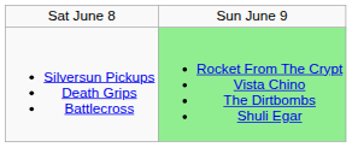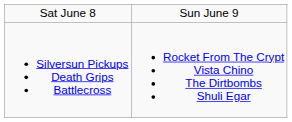 <table class="wikitable plainrowheaders" style="text-align:center;" border="1">
 <tr>
 <td>Sat June 8</td>
 <td>Sun June 9</td>
 </tr>
 <tr>
 <td><br><ul><li><a href='#'>Silversun Pickups</a></li><li><a href='#'>Death Grips</a></li><li><a href='#'>Battlecross</a></li></ul></td>
-<td style="background: lightgreen;"><br><ul><li><a href='#'>Rocket From The Crypt</a></li><li><a href='#'>Vista Chino</a></li><li><a href='#'>The Dirtbombs</a></li><li><a href='#'>Shuli Egar</a></li></ul></td>
+<td><br><ul><li><a href='#'>Rocket From The Crypt</a></li><li><a href='#'>Vista Chino</a></li><li><a href='#'>The Dirtbombs</a></li><li><a href='#'>Shuli Egar</a></li></ul></td>
 </tr>
 </table>
